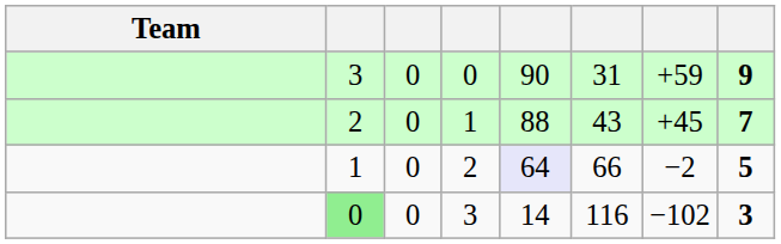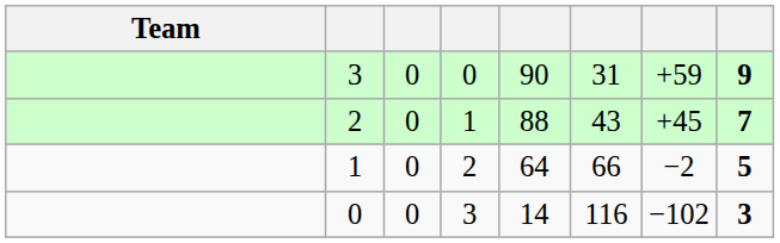 <table class="wikitable" style="text-align:center;">
 <tr>
 <th style="width:10.5em;">Team</th>
 <th style="width:1.5em;"></th>
 <th style="width:1.5em;"></th>
 <th style="width:1.5em;"></th>
 <th style="width:2.0em;"></th>
 <th style="width:2.0em;"></th>
 <th style="width:2.0em;"></th>
 <th style="width:1.5em;"></th>
 </tr>
 <tr bgcolor=#cfc>
 <td align="left"></td>
 <td>3</td>
 <td>0</td>
 <td>0</td>
 <td>90</td>
 <td>31</td>
 <td>+59</td>
 <td><strong>9</strong></td>
 </tr>
 <tr bgcolor=#cfc>
 <td align="left"></td>
 <td>2</td>
 <td>0</td>
 <td>1</td>
 <td>88</td>
 <td>43</td>
 <td>+45</td>
 <td><strong>7</strong></td>
 </tr>
 <tr>
 <td align="left"></td>
 <td>1</td>
 <td>0</td>
 <td>2</td>
-<td style="background: lavender;">64</td>
+<td>64</td>
 <td>66</td>
 <td>−2</td>
 <td><strong>5</strong></td>
 </tr>
 <tr>
 <td align="left"></td>
-<td style="background: lightgreen;">0</td>
+<td>0</td>
 <td>0</td>
 <td>3</td>
 <td>14</td>
 <td>116</td>
 <td>−102</td>
 <td><strong>3</strong></td>
 </tr>
 </table>
